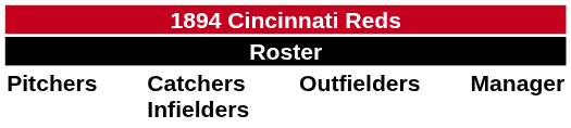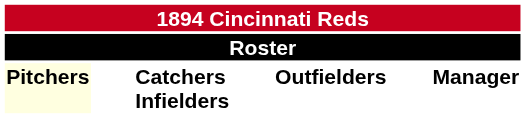 <table class="toccolours" style="font-size: 95%;">
 <tr>
 <th colspan="10" style="background-color: #c6011f; color: white; text-align: center;">1894 Cincinnati Reds</th>
 </tr>
 <tr>
 <td colspan="10" style="background-color: black; color: white; text-align: center;"><strong>Roster</strong></td>
 </tr>
 <tr>
-<td valign="top"><strong>Pitchers</strong><br>           </td>
+<td valign="top" style="background: lightyellow;"><strong>Pitchers</strong><br>           </td>
 <td width="25px"></td>
 <td valign="top"><strong>Catchers</strong><br>    <strong>Infielders</strong>      </td>
 <td width="25px"></td>
 <td valign="top"><strong>Outfielders</strong><br>    </td>
 <td width="25px"></td>
 <td valign="top"><strong>Manager</strong><br></td>
 </tr>
 </table>
